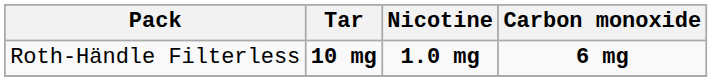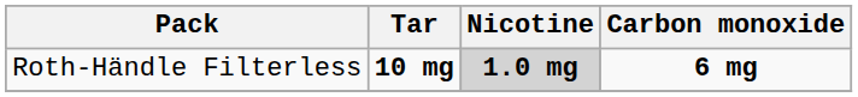 <table class="wikitable" style="font-size: 95%;text-align:center">
 <tr>
 <th>Pack</th>
 <th>Tar</th>
 <th>Nicotine</th>
 <th>Carbon monoxide</th>
 </tr>
 <tr>
 <td>Roth-Händle Filterless</td>
 <td><strong>10 mg</strong></td>
-<td><strong>1.0 mg</strong></td>
+<td style="background: lightgrey;"><strong>1.0 mg</strong></td>
 <td><strong>6 mg</strong></td>
 </tr>
 <tr>
 </tr>
 </table>
